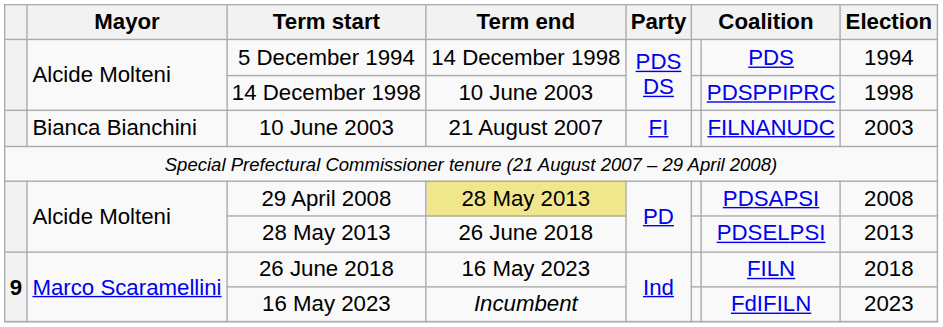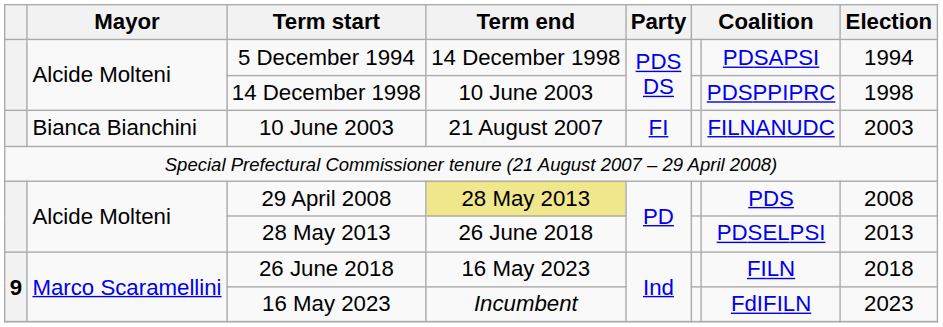 <table class="wikitable">
 <tr>
 <th class=unsortable> </th>
 <th>Mayor</th>
 <th>Term start</th>
 <th>Term end</th>
 <th>Party</th>
 <th colspan="2">Coalition</th>
 <th>Election</th>
 </tr>
 <tr>
 <th rowspan=2 style="background:"></th>
 <td rowspan=2>Alcide Molteni</td>
 <td align=center>5 December 1994</td>
 <td align=center>14 December 1998</td>
 <td rowspan=2 align=center><a href='#'>PDS</a><br><a href='#'>DS</a></td>
 <td style="background: "></td>
-<td align=center><a href='#'>PDS</a></td>
+<td align=center><a href='#'>PD</a><a href='#'>SA</a><a href='#'>PSI</a></td>
 <td align=center>1994</td>
 </tr>
 <tr>
 <td align=center>14 December 1998</td>
 <td align=center>10 June 2003</td>
 <td style="background: "></td>
 <td align=center><a href='#'>PDS</a><a href='#'>PPI</a><a href='#'>PRC</a></td>
 <td align=center>1998</td>
 </tr>
 <tr>
 <th style="background:"></th>
 <td>Bianca Bianchini</td>
 <td align=center>10 June 2003</td>
 <td align=center>21 August 2007</td>
 <td align=center><a href='#'>FI</a></td>
 <td style="background: "></td>
 <td align=center><a href='#'>FI</a><a href='#'>LN</a><a href='#'>AN</a><a href='#'>UDC</a></td>
 <td align=center>2003</td>
 </tr>
 <tr>
 <td colspan=8 align=center><small><em>Special Prefectural Commissioner tenure (21 August 2007 – 29 April 2008)</em></small></td>
 </tr>
 <tr>
 <th rowspan=2 style="background:"><small></small></th>
 <td rowspan=2>Alcide Molteni</td>
 <td align=center>29 April 2008</td>
 <td align=center style="background: khaki;">28 May 2013</td>
 <td rowspan=2 align=center><a href='#'>PD</a></td>
 <td style="background: "></td>
-<td align=center><a href='#'>PD</a><a href='#'>SA</a><a href='#'>PSI</a></td>
+<td align=center><a href='#'>PDS</a></td>
 <td align=center>2008</td>
 </tr>
 <tr>
 <td align=center>28 May 2013</td>
 <td align=center>26 June 2018</td>
 <td style="background: "></td>
 <td align=center><a href='#'>PD</a><a href='#'>SEL</a><a href='#'>PSI</a></td>
 <td align=center>2013</td>
 </tr>
 <tr>
 <th rowspan=2 style="background:"><strong>9</strong></th>
 <td rowspan=2><a href='#'>Marco Scaramellini</a></td>
 <td align=center>26 June 2018</td>
 <td align=center>16 May 2023</td>
 <td rowspan=2 align=center><a href='#'>Ind</a></td>
 <td style="background: "></td>
 <td align=center><a href='#'>FI</a><a href='#'>LN</a></td>
 <td align=center>2018</td>
 </tr>
 <tr>
 <td align=center>16 May 2023</td>
 <td align=center><em>Incumbent</em></td>
 <td style="background: "></td>
 <td align=center><a href='#'>FdI</a><a href='#'>FI</a><a href='#'>LN</a></td>
 <td align=center>2023</td>
 </tr>
 <tr>
 </tr>
 </table>
